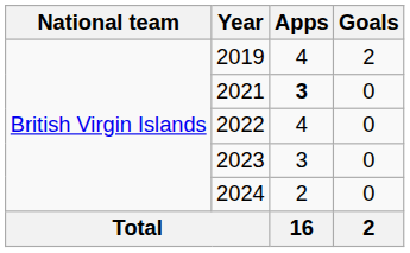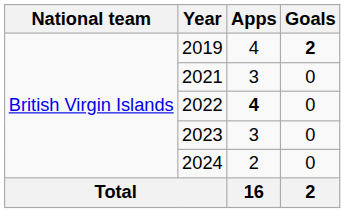 <table class="wikitable" style="text-align:center">
 <tr>
 <th>National team</th>
 <th>Year</th>
 <th>Apps</th>
 <th>Goals</th>
 </tr>
 <tr>
 <td rowspan="5"><a href='#'>British Virgin Islands</a></td>
 <td>2019</td>
 <td>4</td>
-<td>2</td>
+<td><strong>2</strong></td>
 </tr>
 <tr>
 <td>2021</td>
-<td><strong>3</strong></td>
+<td>3</td>
 <td>0</td>
 </tr>
 <tr>
 <td>2022</td>
-<td>4</td>
+<td><strong>4</strong></td>
 <td>0</td>
 </tr>
 <tr>
 <td>2023</td>
 <td>3</td>
 <td>0</td>
 </tr>
 <tr>
 <td>2024</td>
 <td>2</td>
 <td>0</td>
 </tr>
 <tr>
 <th colspan=2>Total</th>
 <th>16</th>
 <th>2</th>
 </tr>
 </table>
